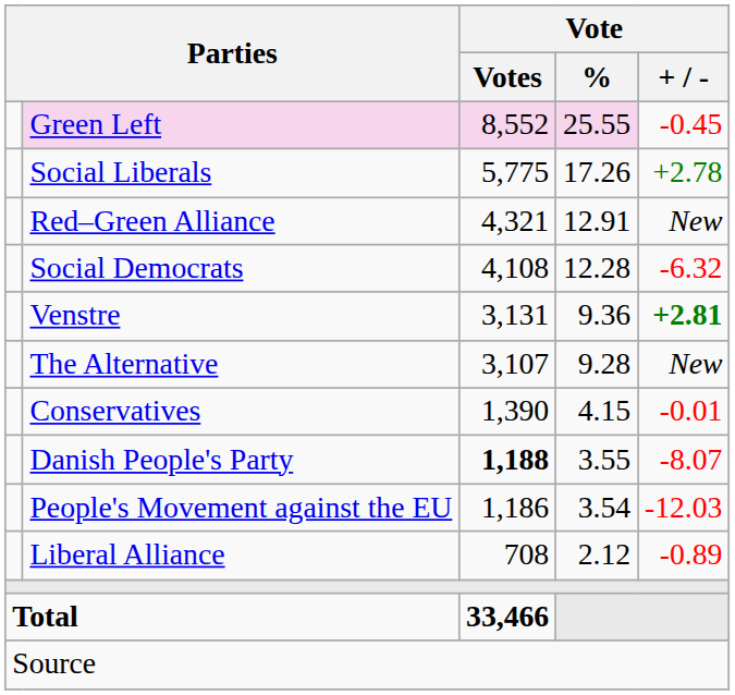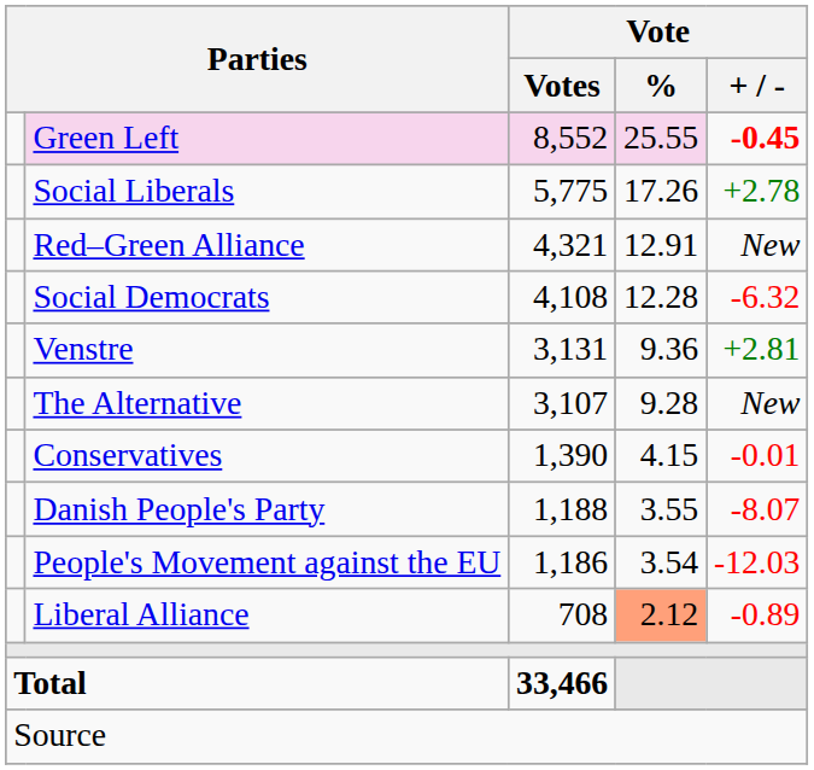 <table class="wikitable" style="text-align:right;">
 <tr>
 <th style="text-align:centre;" rowspan="2" colspan="2" width="225">Parties</th>
 <th colspan="3">Vote</th>
 </tr>
 <tr>
 <th width="15">Votes</th>
 <th width="15">%</th>
 <th width="15">+ / -</th>
 </tr>
 <tr>
 <td width="2" style="color:inherit;background:"></td>
 <td bgcolor=#f7d5ed   align="left"><a href='#'>Green Left</a></td>
 <td bgcolor=#f7d5ed>8,552</td>
 <td bgcolor=#f7d5ed>25.55</td>
-<td style=color:red;>-0.45</td>
+<td style=color:red;><strong>-0.45</strong></td>
 </tr>
 <tr>
 <td width="2" style="color:inherit;background:"></td>
 <td align="left"><a href='#'>Social Liberals</a></td>
 <td>5,775</td>
 <td>17.26</td>
 <td style=color:green;>+2.78</td>
 </tr>
 <tr>
 <td width="2" style="color:inherit;background:"></td>
 <td align="left"><a href='#'>Red–Green Alliance</a></td>
 <td>4,321</td>
 <td>12.91</td>
 <td><em>New</em></td>
 </tr>
 <tr>
 <td width="2" style="color:inherit;background:"></td>
 <td align="left"><a href='#'>Social Democrats</a></td>
 <td>4,108</td>
 <td>12.28</td>
 <td style=color:red;>-6.32</td>
 </tr>
 <tr>
 <td width="2" style="color:inherit;background:"></td>
 <td align="left"><a href='#'>Venstre</a></td>
 <td>3,131</td>
 <td>9.36</td>
-<td style=color:green;><strong>+2.81</strong></td>
+<td style=color:green;>+2.81</td>
 </tr>
 <tr>
 <td width="2" style="color:inherit;background:"></td>
 <td align="left"><a href='#'>The Alternative</a></td>
 <td>3,107</td>
 <td>9.28</td>
 <td><em>New</em></td>
 </tr>
 <tr>
 <td width="2" style="color:inherit;background:"></td>
 <td align="left"><a href='#'>Conservatives</a></td>
 <td>1,390</td>
 <td>4.15</td>
 <td style=color:red;>-0.01</td>
 </tr>
 <tr>
 <td width="2" style="color:inherit;background:"></td>
 <td align="left"><a href='#'>Danish People's Party</a></td>
-<td><strong>1,188</strong></td>
+<td>1,188</td>
 <td>3.55</td>
 <td style=color:red;>-8.07</td>
 </tr>
 <tr>
 <td width="2" style="color:inherit;background:"></td>
 <td align="left"><a href='#'>People's Movement against the EU</a></td>
 <td>1,186</td>
 <td>3.54</td>
 <td style=color:red;>-12.03</td>
 </tr>
 <tr>
 <td width="2" style="color:inherit;background:"></td>
 <td align="left"><a href='#'>Liberal Alliance</a></td>
 <td>708</td>
-<td>2.12</td>
+<td style="background: lightsalmon;">2.12</td>
 <td style=color:red;>-0.89</td>
 </tr>
 <tr>
 <td colspan="7" bgcolor="#E9E9E9"></td>
 </tr>
 <tr>
 <td align="left" colspan="2"><strong>Total</strong></td>
 <td><strong>33,466</strong></td>
 <td bgcolor="#E9E9E9" colspan="2"></td>
 </tr>
 <tr>
 <td align="left" colspan="6">Source</td>
 </tr>
 </table>
